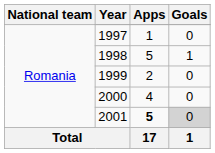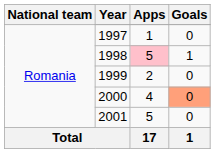 <table class=wikitable style="text-align: center;">
 <tr>
 <th>National team</th>
 <th>Year</th>
 <th>Apps</th>
 <th>Goals</th>
 </tr>
 <tr>
 <td rowspan="6"><a href='#'>Romania</a></td>
 </tr>
 <tr>
 <td>1997</td>
 <td>1</td>
 <td>0</td>
 </tr>
 <tr>
 <td>1998</td>
-<td>5</td>
+<td style="background: pink;">5</td>
 <td>1</td>
 </tr>
 <tr>
 <td>1999</td>
 <td>2</td>
 <td>0</td>
 </tr>
 <tr>
 <td>2000</td>
 <td>4</td>
-<td>0</td>
+<td style="background: lightsalmon;">0</td>
 </tr>
 <tr>
 <td>2001</td>
-<td><strong>5</strong></td>
-<td style="background: lightgrey;">0</td>
+<td>5</td>
+<td>0</td>
 </tr>
 <tr>
 <th colspan=2>Total</th>
 <th>17</th>
 <th>1</th>
 </tr>
 </table>
